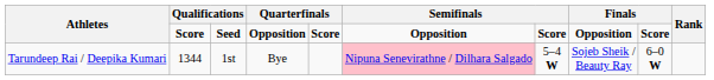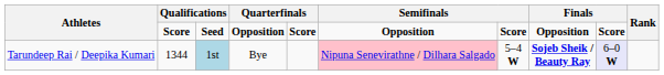 <table class="wikitable" style="text-align:center;">
 <tr>
 <th rowspan="2">Athletes</th>
 <th colspan="2">Qualifications</th>
 <th colspan="2">Quarterfinals</th>
 <th colspan="2">Semifinals</th>
 <th colspan="2">Finals</th>
 <th rowspan="2">Rank</th>
 </tr>
 <tr>
 <td><strong>Score</strong></td>
 <td><strong>Seed</strong></td>
 <td><strong>Opposition</strong></td>
 <td><strong>Score</strong></td>
 <td><strong>Opposition</strong></td>
 <td><strong>Score</strong></td>
 <td><strong>Opposition</strong></td>
 <td><strong>Score</strong></td>
 </tr>
 <tr>
 <td><a href='#'>Tarundeep Rai</a> / <a href='#'>Deepika Kumari</a></td>
 <td>1344</td>
-<td>1st</td>
+<td style="background: lightblue;">1st</td>
 <td>Bye</td>
 <td></td>
 <td style="background: pink;"><a href='#'>Nipuna Senevirathne</a> / <a href='#'>Dilhara Salgado</a><br></td>
 <td>5–4<br><strong>W</strong></td>
-<td><a href='#'>Sojeb Sheik</a> /<br><a href='#'>Beauty Ray</a><br></td>
-<td>6–0<br><strong>W</strong></td>
+<td><strong><a href='#'>Sojeb Sheik</a> /<br><a href='#'>Beauty Ray</a><br></strong></td>
+<td style="background: lavender;">6–0<br><strong>W</strong></td>
 <td></td>
 </tr>
 </table>
